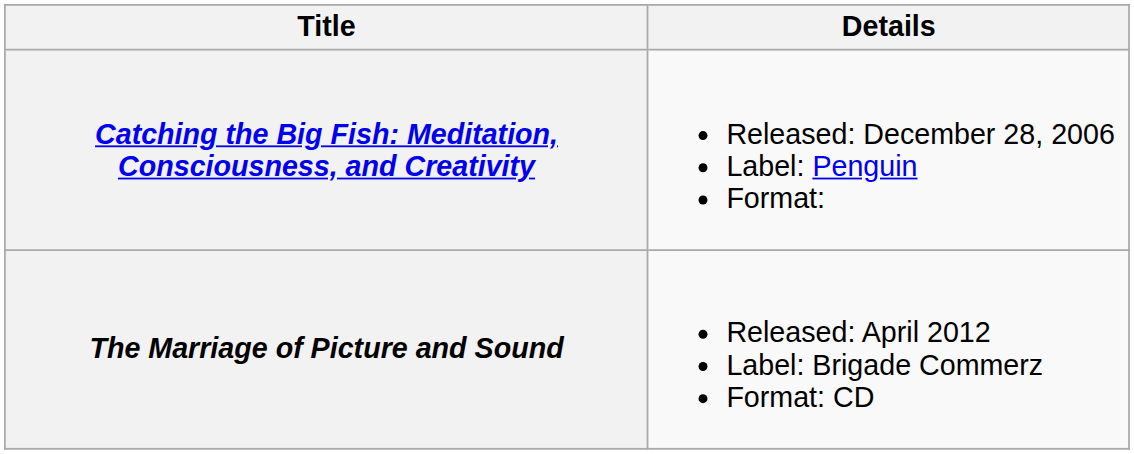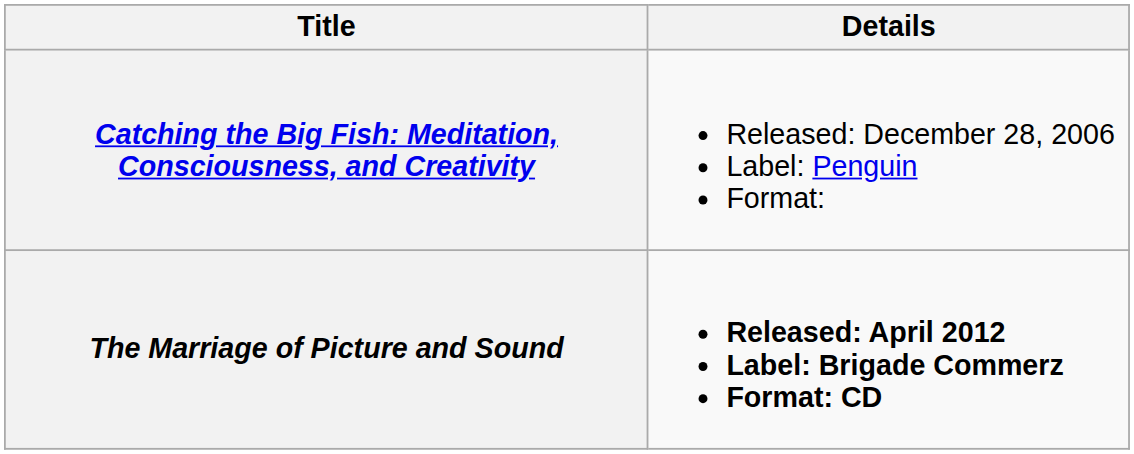 <table class="wikitable plainrowheaders" style="text-align:left">
 <tr>
 <th scope="col" style="width:22em">Title</th>
 <th scope="col">Details</th>
 </tr>
 <tr>
 <th scope="row"><em><a href='#'>Catching the Big Fish: Meditation, Consciousness, and Creativity</a></em></th>
 <td><br><ul><li>Released: December 28, 2006 </li><li>Label: <a href='#'>Penguin</a> </li><li>Format: </li></ul></td>
 </tr>
 <tr>
 <th scope="row"><em>The Marriage of Picture and Sound</em></th>
-<td><br><ul><li>Released: April 2012 </li><li>Label: Brigade Commerz</li><li>Format: CD</li></ul></td>
+<td><strong><br><ul><li>Released: April 2012 </li><li>Label: Brigade Commerz</li><li>Format: CD</li></ul></strong></td>
 </tr>
 </table>
